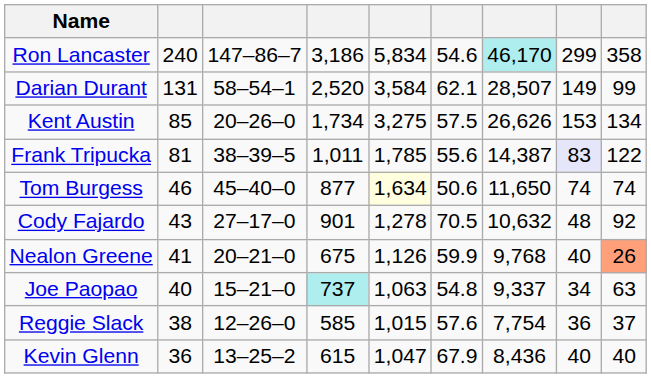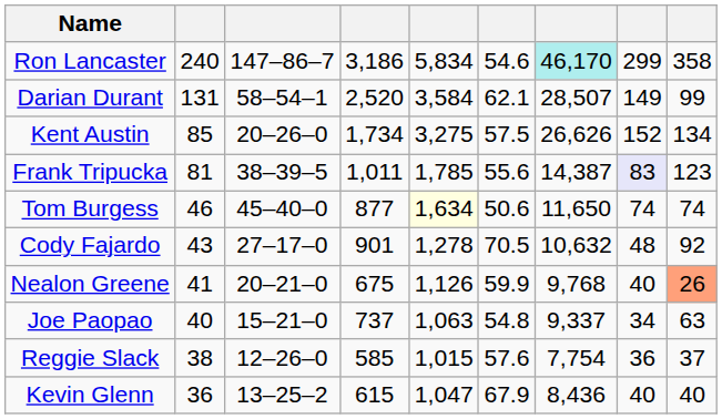 <table class="wikitable sortable" style="text-align:center">
 <tr>
 <th>Name</th>
 <th></th>
 <th></th>
 <th></th>
 <th></th>
 <th></th>
 <th></th>
 <th></th>
 <th></th>
 </tr>
 <tr>
 <td><a href='#'>Ron Lancaster</a></td>
 <td>240</td>
 <td>147–86–7</td>
 <td>3,186</td>
 <td>5,834</td>
 <td>54.6</td>
 <td style="background: paleturquoise;">46,170</td>
 <td>299</td>
 <td>358</td>
 </tr>
 <tr>
 <td><a href='#'>Darian Durant</a></td>
 <td>131</td>
 <td>58–54–1</td>
 <td>2,520</td>
 <td>3,584</td>
 <td>62.1</td>
 <td>28,507</td>
 <td>149</td>
 <td>99</td>
 </tr>
 <tr>
 <td><a href='#'>Kent Austin</a></td>
 <td>85</td>
 <td>20–26–0</td>
 <td>1,734</td>
 <td>3,275</td>
 <td>57.5</td>
 <td>26,626</td>
-<td>153</td>
+<td>152</td>
 <td>134</td>
 </tr>
 <tr>
 <td><a href='#'>Frank Tripucka</a></td>
 <td>81</td>
 <td>38–39–5</td>
 <td>1,011</td>
 <td>1,785</td>
 <td>55.6</td>
 <td>14,387</td>
 <td style="background: lavender;">83</td>
-<td>122</td>
+<td>123</td>
 </tr>
 <tr>
 <td><a href='#'>Tom Burgess</a></td>
 <td>46</td>
 <td>45–40–0</td>
 <td>877</td>
 <td style="background: lightyellow;">1,634</td>
 <td>50.6</td>
 <td>11,650</td>
 <td>74</td>
 <td>74</td>
 </tr>
 <tr>
 <td><a href='#'>Cody Fajardo</a></td>
 <td>43</td>
 <td>27–17–0</td>
 <td>901</td>
 <td>1,278</td>
 <td>70.5</td>
 <td>10,632</td>
 <td>48</td>
 <td>92</td>
 </tr>
 <tr>
 <td><a href='#'>Nealon Greene</a></td>
 <td>41</td>
 <td>20–21–0</td>
 <td>675</td>
 <td>1,126</td>
 <td>59.9</td>
 <td>9,768</td>
 <td>40</td>
 <td style="background: lightsalmon;">26</td>
 </tr>
 <tr>
 <td><a href='#'>Joe Paopao</a></td>
 <td>40</td>
 <td>15–21–0</td>
-<td style="background: paleturquoise;">737</td>
+<td>737</td>
 <td>1,063</td>
 <td>54.8</td>
 <td>9,337</td>
 <td>34</td>
 <td>63</td>
 </tr>
 <tr>
 <td><a href='#'>Reggie Slack</a></td>
 <td>38</td>
 <td>12–26–0</td>
 <td>585</td>
 <td>1,015</td>
 <td>57.6</td>
 <td>7,754</td>
 <td>36</td>
 <td>37</td>
 </tr>
 <tr>
 <td><a href='#'>Kevin Glenn</a></td>
 <td>36</td>
 <td>13–25–2</td>
 <td>615</td>
 <td>1,047</td>
 <td>67.9</td>
 <td>8,436</td>
 <td>40</td>
 <td>40</td>
 </tr>
 </table>
